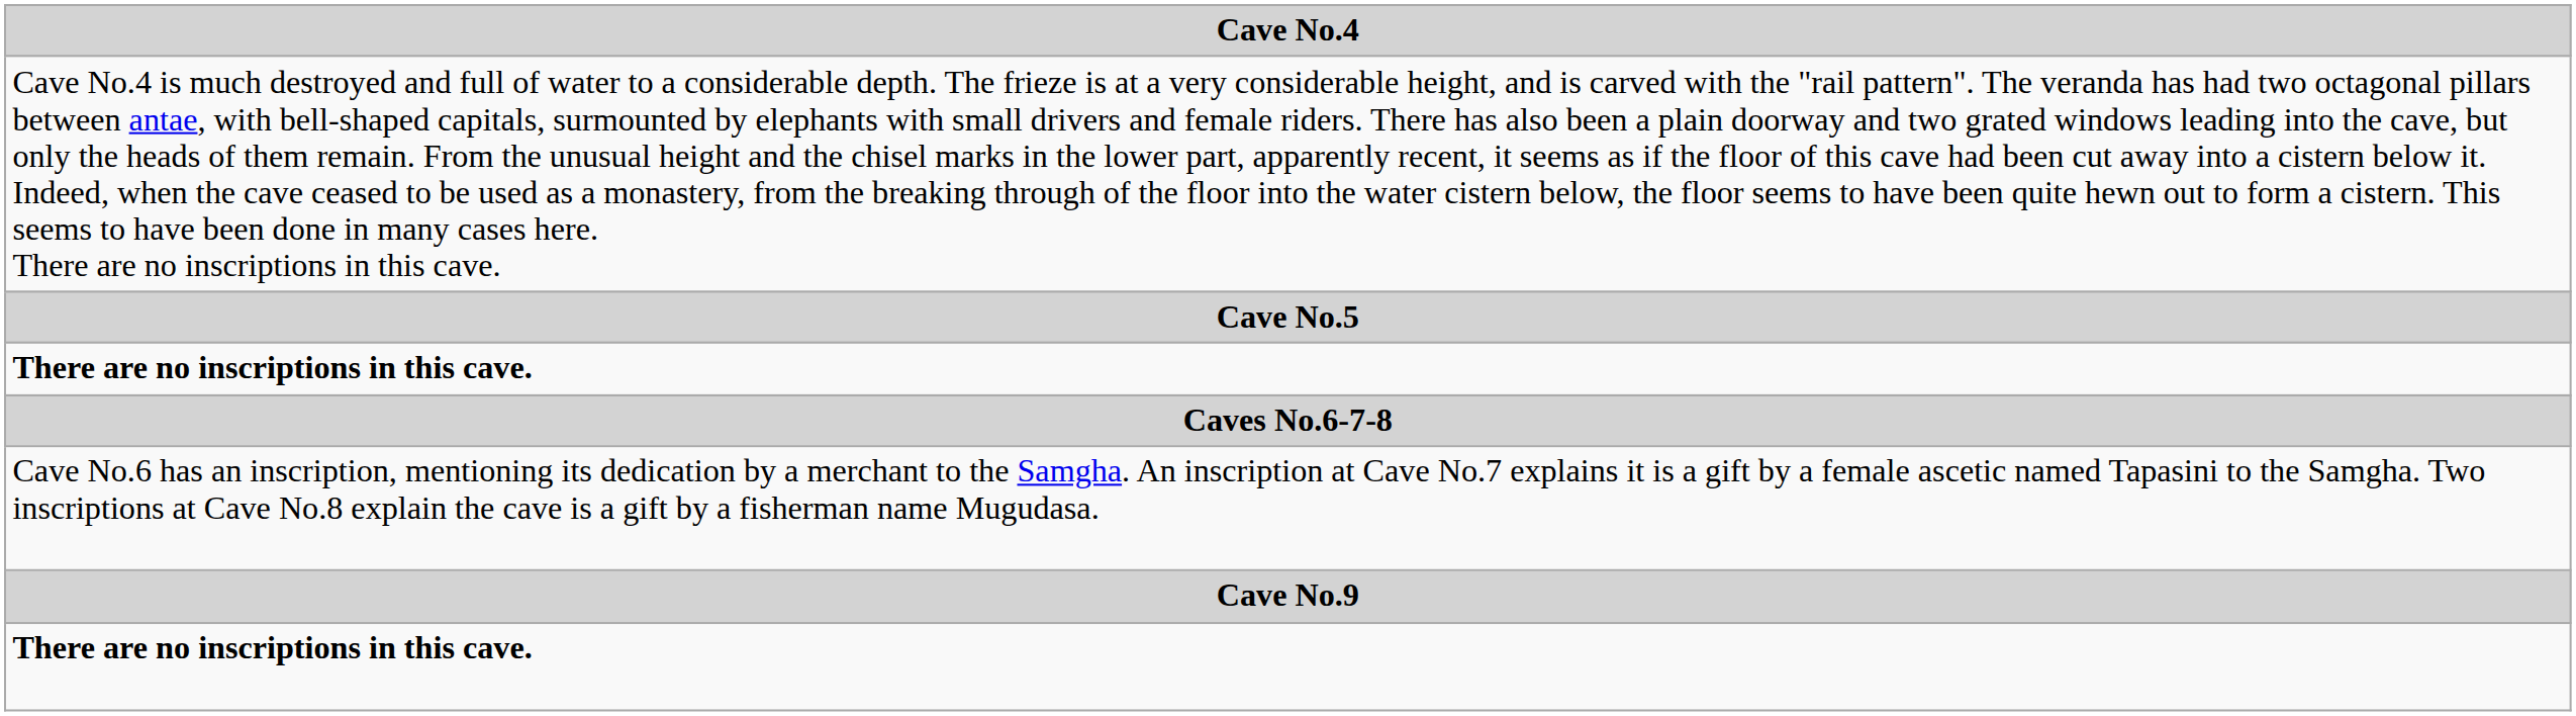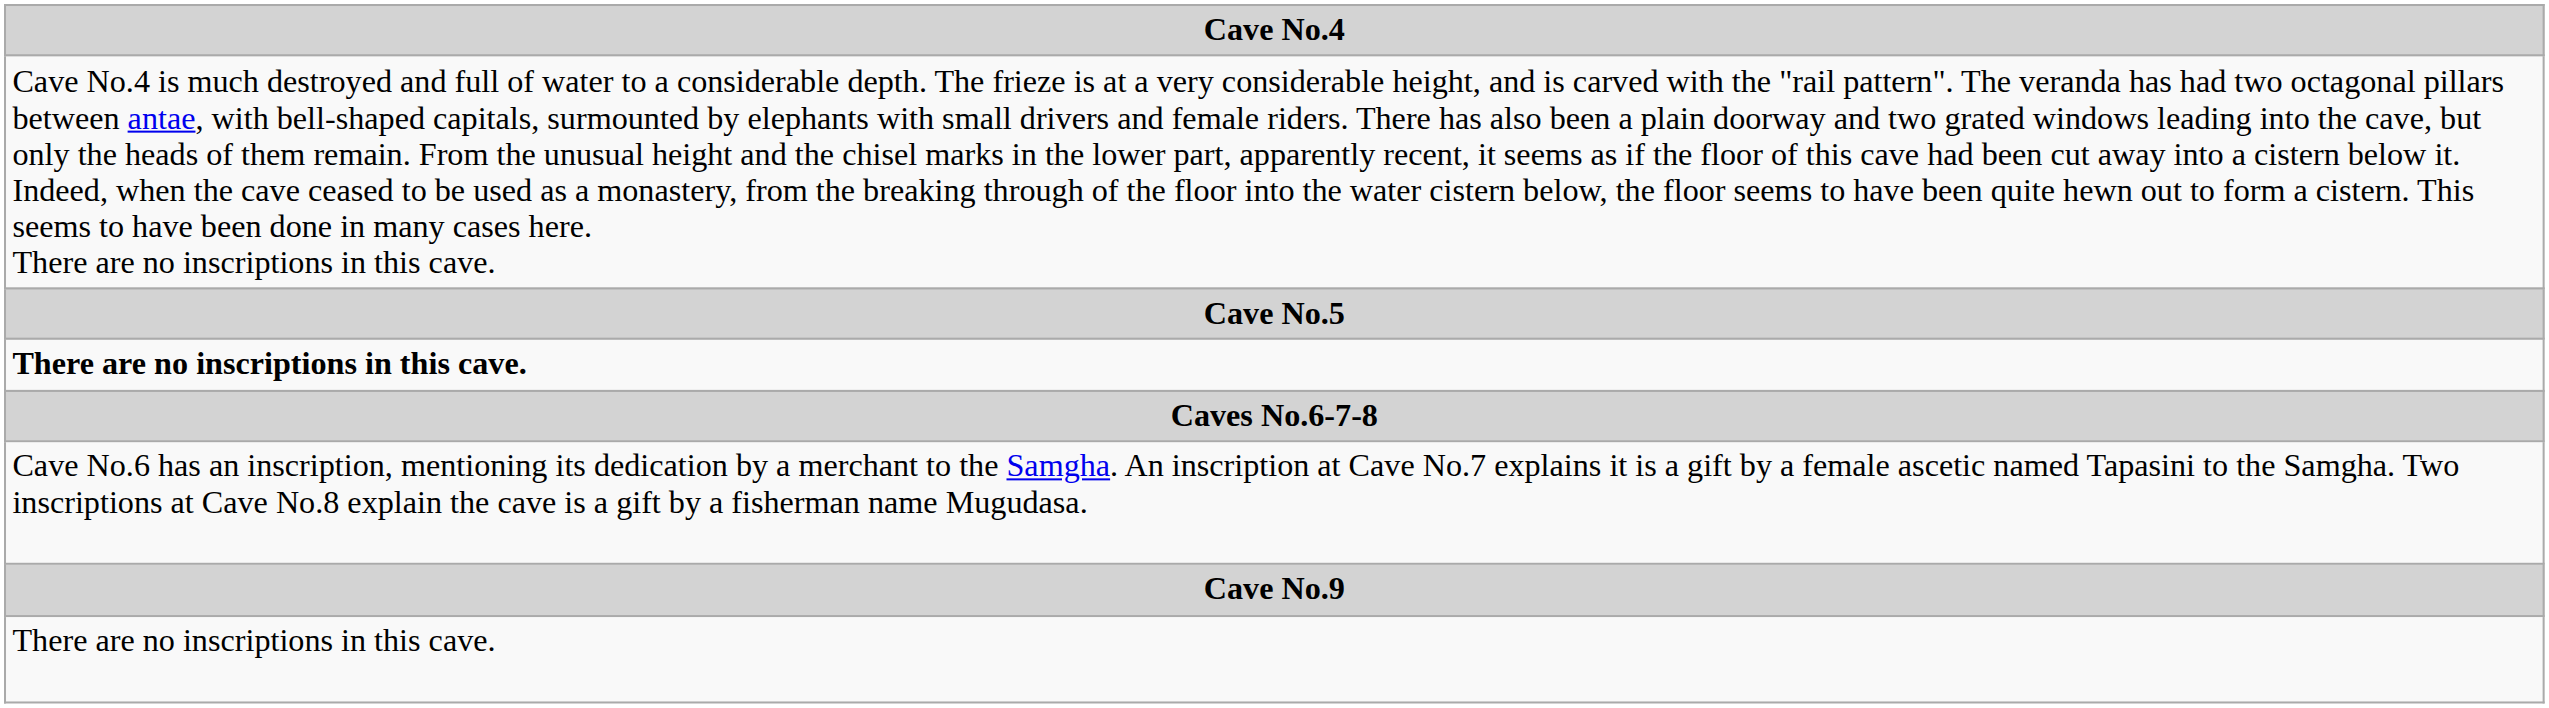 <table class="wikitable" style="margin:0 auto;"  align="center"  colspan="2" cellpadding="3" style="font-size: 80%; width: 100%;">
 <tr>
 <td align=center colspan=2 style="background:#D3D3D3; font-size: 100%;"><strong>Cave No.4</strong></td>
 </tr>
 <tr>
 <td>Cave No.4 is much destroyed and full of water to a considerable depth. The frieze is at a very considerable height, and is carved with the "rail pattern". The veranda has had two octagonal pillars between <a href='#'>antae</a>, with bell-shaped capitals, surmounted by elephants with small drivers and female riders. There has also been a plain doorway and two grated windows leading into the cave, but only the heads of them remain. From the unusual height and the chisel marks in the lower part, apparently recent, it seems as if the floor of this cave had been cut away into a cistern below it. Indeed, when the cave ceased to be used as a monastery, from the breaking through of the floor into the water cistern below, the floor seems to have been quite hewn out to form a cistern. This seems to have been done in many cases here.<br>There are no inscriptions in this cave.<br> </td>
 </tr>
 <tr>
 <td align=center colspan=2 style="background:#D3D3D3; font-size: 100%;"><strong>Cave No.5</strong></td>
 </tr>
 <tr>
 <td><strong>There are no inscriptions in this cave.</strong></td>
 </tr>
 <tr>
 <td align=center colspan=2 style="background:#D3D3D3; font-size: 100%;"><strong>Caves No.6-7-8</strong></td>
 </tr>
 <tr>
 <td>Cave No.6 has an inscription, mentioning its dedication by a merchant to the <a href='#'>Samgha</a>. An inscription at Cave No.7 explains it is a gift by a female ascetic named Tapasini to the Samgha. Two inscriptions at Cave No.8 explain the cave is a gift by a fisherman name Mugudasa.<br><br></td>
 </tr>
 <tr>
 <td align=center colspan=2 style="background:#D3D3D3; font-size: 100%;"><strong>Cave No.9</strong></td>
 </tr>
 <tr>
-<td><strong>There are no inscriptions in this cave.<br><br></strong></td>
+<td>There are no inscriptions in this cave.<br><br></td>
 </tr>
 </table>
